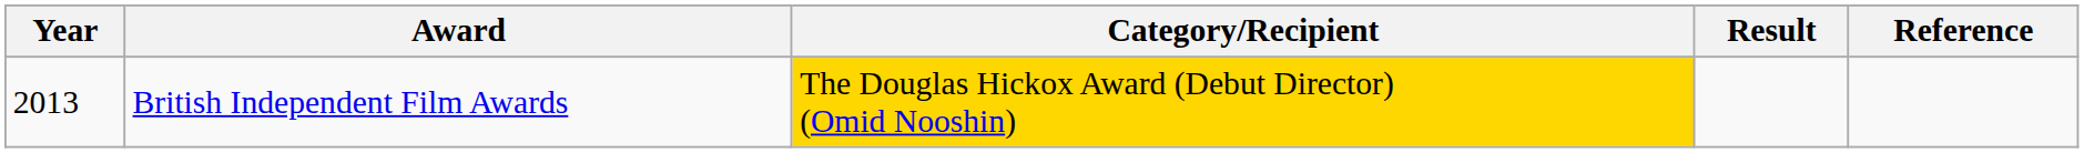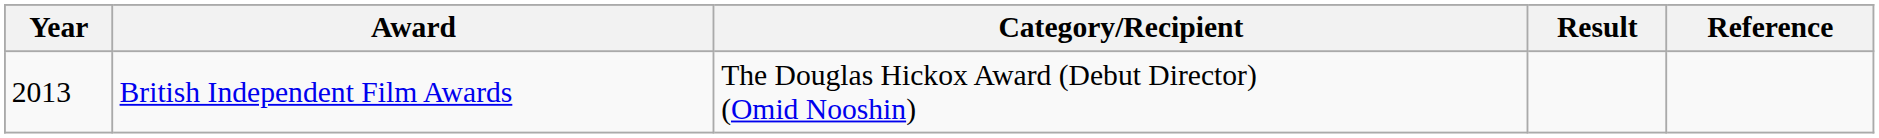 <table class="wikitable" width="80%">
 <tr>
 <th>Year</th>
 <th>Award</th>
 <th>Category/Recipient</th>
 <th>Result</th>
 <th>Reference</th>
 </tr>
 <tr>
 <td rowspan="2">2013</td>
 <td><a href='#'>British Independent Film Awards</a></td>
-<td style="background: gold;">The Douglas Hickox Award (Debut Director)<br>(<a href='#'>Omid Nooshin</a>)</td>
+<td>The Douglas Hickox Award (Debut Director)<br>(<a href='#'>Omid Nooshin</a>)</td>
 <td></td>
 <td></td>
 </tr>
 </table>
